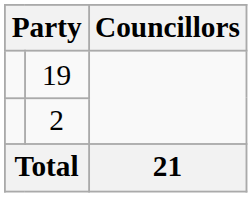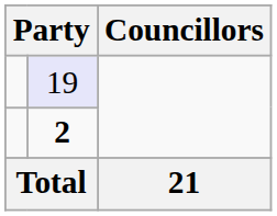 <table class="wikitable">
 <tr>
 <th colspan=2>Party</th>
 <th>Councillors</th>
 </tr>
 <tr>
 <td></td>
-<td align=center>19</td>
+<td align=center style="background: lavender;">19</td>
 </tr>
 <tr>
 <td></td>
-<td align=center>2</td>
+<td align=center><strong>2</strong></td>
 </tr>
 <tr>
 <th colspan=2>Total</th>
 <th align=center>21</th>
 </tr>
 </table>
